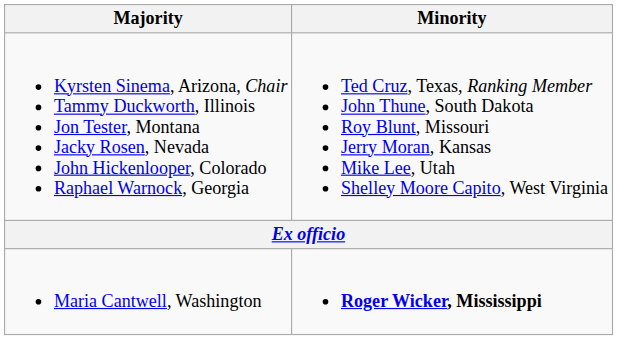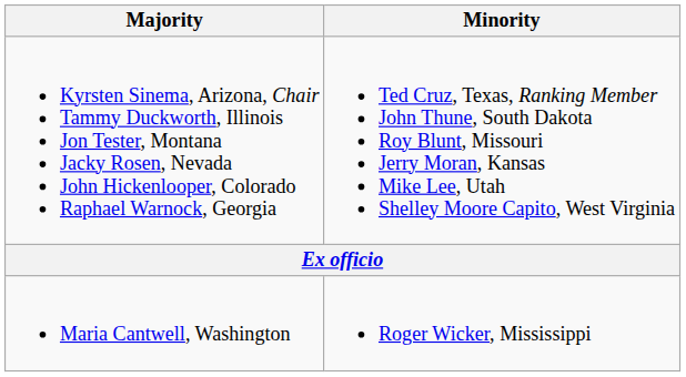 <table class=wikitable>
 <tr>
 <th>Majority</th>
 <th>Minority</th>
 </tr>
 <tr>
 <td><br><ul><li><a href='#'>Kyrsten Sinema</a>, Arizona, <em>Chair</em></li><li><a href='#'>Tammy Duckworth</a>, Illinois</li><li><a href='#'>Jon Tester</a>, Montana</li><li><a href='#'>Jacky Rosen</a>, Nevada</li><li><a href='#'>John Hickenlooper</a>, Colorado</li><li><a href='#'>Raphael Warnock</a>, Georgia</li></ul></td>
 <td><br><ul><li><a href='#'>Ted Cruz</a>, Texas, <em>Ranking Member</em></li><li><a href='#'>John Thune</a>, South Dakota</li><li><a href='#'>Roy Blunt</a>, Missouri</li><li><a href='#'>Jerry Moran</a>, Kansas</li><li><a href='#'>Mike Lee</a>, Utah</li><li><a href='#'>Shelley Moore Capito</a>, West Virginia</li></ul></td>
 </tr>
 <tr>
 <th colspan=2><em><a href='#'>Ex officio</a></em></th>
 </tr>
 <tr>
 <td><br><ul><li><a href='#'>Maria Cantwell</a>, Washington</li></ul></td>
-<td><strong><br><ul><li><a href='#'>Roger Wicker</a>, Mississippi</li></ul></strong></td>
+<td><br><ul><li><a href='#'>Roger Wicker</a>, Mississippi</li></ul></td>
 </tr>
 </table>
